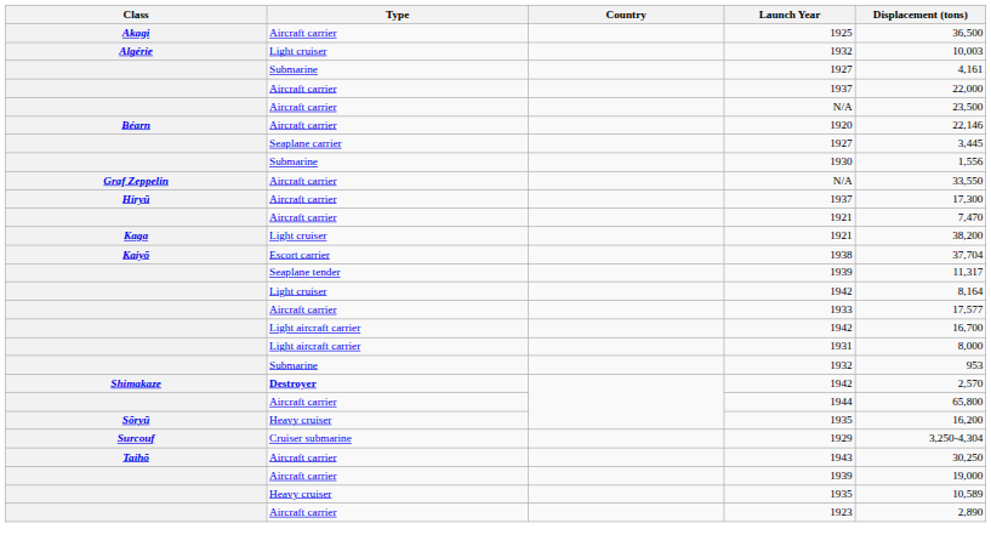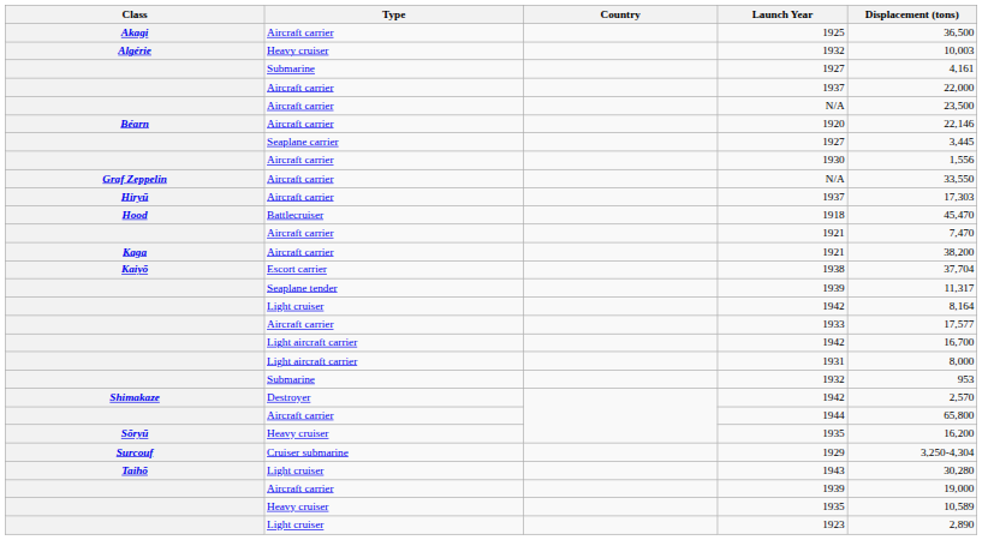 <table class="wikitable sortable plainrowheaders" style="width:100%; font-size: 90%;">
 <tr>
 <th scope="col" style="width:20%;">Class</th>
 <th scope="col" style="width:20%;">Type</th>
 <th scope="col" style="width:15%;">Country</th>
 <th scope="col" style="width:10%;">Launch Year</th>
 <th scope="col" style="width:10%;">Displacement (tons)</th>
 </tr>
 <tr>
 <th scope="row"><em><a href='#'>Akagi</a></em></th>
 <td><a href='#'>Aircraft carrier</a></td>
 <td></td>
 <td style="text-align:right;">1925</td>
 <td style="text-align:right;">36,500</td>
 </tr>
 <tr>
 <th scope="row"><em><a href='#'>Algérie</a></em></th>
-<td><a href='#'>Light cruiser</a></td>
+<td><a href='#'>Heavy cruiser</a></td>
 <td></td>
 <td style="text-align:right;">1932</td>
 <td style="text-align:right;">10,003</td>
 </tr>
 <tr>
 <th scope="row"></th>
 <td><a href='#'>Submarine</a></td>
 <td></td>
 <td style="text-align:right;">1927</td>
 <td style="text-align:right;">4,161</td>
 </tr>
 <tr>
 <th scope="row"></th>
 <td><a href='#'>Aircraft carrier</a></td>
 <td></td>
 <td style="text-align:right;">1937</td>
 <td style="text-align:right;">22,000</td>
 </tr>
 <tr>
 <th scope="row"></th>
 <td><a href='#'>Aircraft carrier</a></td>
 <td></td>
 <td style="text-align:right;">N/A</td>
 <td style="text-align:right;">23,500</td>
 </tr>
 <tr>
 <th scope="row"><em><a href='#'>Béarn</a></em></th>
 <td><a href='#'>Aircraft carrier</a></td>
 <td></td>
 <td style="text-align:right;">1920</td>
 <td style="text-align:right;">22,146</td>
 </tr>
 <tr>
 <th scope="row"></th>
 <td><a href='#'>Seaplane carrier</a></td>
 <td></td>
 <td style="text-align:right;">1927</td>
 <td style="text-align:right;">3,445</td>
 </tr>
 <tr>
 <th scope="row"></th>
-<td><a href='#'>Submarine</a></td>
+<td><a href='#'>Aircraft carrier</a></td>
 <td></td>
 <td style="text-align:right;">1930</td>
 <td style="text-align:right;">1,556</td>
 </tr>
 <tr>
 <th scope="row"><em><a href='#'>Graf Zeppelin</a></em></th>
 <td><a href='#'>Aircraft carrier</a></td>
 <td></td>
 <td style="text-align:right;">N/A</td>
 <td style="text-align:right;">33,550</td>
 </tr>
 <tr>
 <th scope="row"><em><a href='#'>Hiryū</a></em></th>
 <td><a href='#'>Aircraft carrier</a></td>
 <td></td>
 <td style="text-align:right;">1937</td>
-<td style="text-align:right;">17,300</td>
+<td style="text-align:right;">17,303</td>
+</tr>
+<tr>
+<th scope="row"><a href='#'><em>Hood</em></a></th>
+<td><a href='#'>Battlecruiser</a></td>
+<td></td>
+<td style="text-align:right;">1918</td>
+<td style="text-align:right;">45,470</td>
 </tr>
 <tr>
 <th scope="row"></th>
 <td><a href='#'>Aircraft carrier</a></td>
 <td></td>
 <td style="text-align:right;">1921</td>
 <td style="text-align:right;">7,470</td>
 </tr>
 <tr>
 <th scope="row"><em><a href='#'>Kaga</a></em></th>
-<td><a href='#'>Light cruiser</a></td>
+<td><a href='#'>Aircraft carrier</a></td>
 <td></td>
 <td style="text-align:right;">1921</td>
 <td style="text-align:right;">38,200</td>
 </tr>
 <tr>
 <th scope="row"><em><a href='#'>Kaiyō</a></em></th>
 <td><a href='#'>Escort carrier</a></td>
 <td></td>
 <td style="text-align:right;">1938</td>
 <td style="text-align:right;">37,704</td>
 </tr>
 <tr>
 <th scope="row"></th>
 <td><a href='#'>Seaplane tender</a></td>
 <td></td>
 <td style="text-align:right;">1939</td>
 <td style="text-align:right;">11,317</td>
 </tr>
 <tr>
 <th scope="row"></th>
 <td><a href='#'>Light cruiser</a></td>
 <td></td>
 <td style="text-align:right;">1942</td>
 <td style="text-align:right;">8,164</td>
 </tr>
 <tr>
 <th scope="row"></th>
 <td><a href='#'>Aircraft carrier</a></td>
 <td></td>
 <td style="text-align:right;">1933</td>
 <td style="text-align:right;">17,577</td>
 </tr>
 <tr>
 <th scope="row"></th>
 <td><a href='#'>Light aircraft carrier</a></td>
 <td></td>
 <td style="text-align:right;">1942</td>
 <td style="text-align:right;">16,700</td>
 </tr>
 <tr>
 <th scope="row"></th>
 <td><a href='#'>Light aircraft carrier</a></td>
 <td></td>
 <td style="text-align:right;">1931</td>
 <td style="text-align:right;">8,000</td>
 </tr>
 <tr>
 <th scope="row"></th>
 <td><a href='#'>Submarine</a></td>
 <td></td>
 <td style="text-align:right;">1932</td>
 <td style="text-align:right;">953</td>
 </tr>
 <tr>
 <th scope="row"><em><a href='#'>Shimakaze</a></em></th>
-<td><strong><a href='#'>Destroyer</a></strong></td>
+<td><a href='#'>Destroyer</a></td>
 <td rowspan="3"></td>
 <td style="text-align:right;">1942</td>
 <td style="text-align:right;">2,570</td>
 </tr>
 <tr>
 <th scope="row"></th>
 <td><a href='#'>Aircraft carrier</a></td>
 <td style="text-align:right;">1944</td>
 <td style="text-align:right;">65,800</td>
 </tr>
 <tr>
 <th scope="row"><em><a href='#'>Sōryū</a></em></th>
 <td><a href='#'>Heavy cruiser</a></td>
 <td style="text-align:right;">1935</td>
 <td style="text-align:right;">16,200</td>
 </tr>
 <tr>
 <th scope="row"><a href='#'><em>Surcouf</em></a></th>
 <td><a href='#'>Cruiser submarine</a></td>
 <td></td>
 <td style="text-align:right;">1929</td>
 <td style="text-align:right;">3,250-4,304</td>
 </tr>
 <tr>
 <th scope="row"><em><a href='#'>Taihō</a></em></th>
-<td><a href='#'>Aircraft carrier</a></td>
+<td><a href='#'>Light cruiser</a></td>
 <td></td>
 <td style="text-align:right;">1943</td>
-<td style="text-align:right;">30,250</td>
+<td style="text-align:right;">30,280</td>
 </tr>
 <tr>
 <th scope="row"></th>
 <td><a href='#'>Aircraft carrier</a></td>
 <td></td>
 <td style="text-align:right;">1939</td>
 <td style="text-align:right;">19,000</td>
 </tr>
 <tr>
 <th scope="row"></th>
 <td><a href='#'>Heavy cruiser</a></td>
 <td></td>
 <td style="text-align:right;">1935</td>
 <td style="text-align:right;">10,589</td>
 </tr>
 <tr>
 <th scope="row"></th>
-<td><a href='#'>Aircraft carrier</a></td>
+<td><a href='#'>Light cruiser</a></td>
 <td></td>
 <td style="text-align:right;">1923</td>
 <td style="text-align:right;">2,890</td>
 </tr>
 </table>
